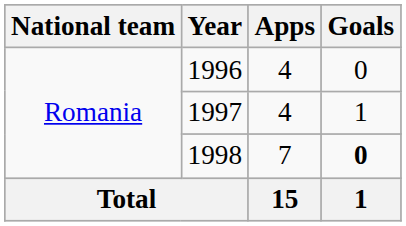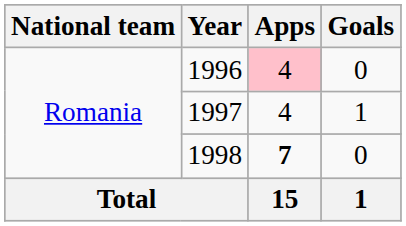 <table class="wikitable" style="text-align:center">
 <tr>
 <th>National team</th>
 <th>Year</th>
 <th>Apps</th>
 <th>Goals</th>
 </tr>
 <tr>
 <td rowspan="3"><a href='#'>Romania</a></td>
 <td>1996</td>
-<td>4</td>
+<td style="background: pink;">4</td>
 <td>0</td>
 </tr>
 <tr>
 <td>1997</td>
 <td>4</td>
 <td>1</td>
 </tr>
 <tr>
 <td>1998</td>
-<td>7</td>
-<td><strong>0</strong></td>
+<td><strong>7</strong></td>
+<td>0</td>
 </tr>
 <tr>
 <th colspan="2">Total</th>
 <th>15</th>
 <th>1</th>
 </tr>
 </table>
